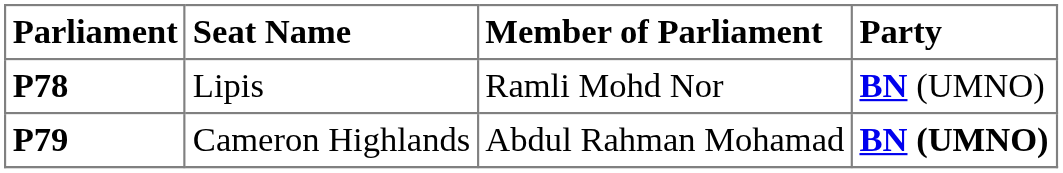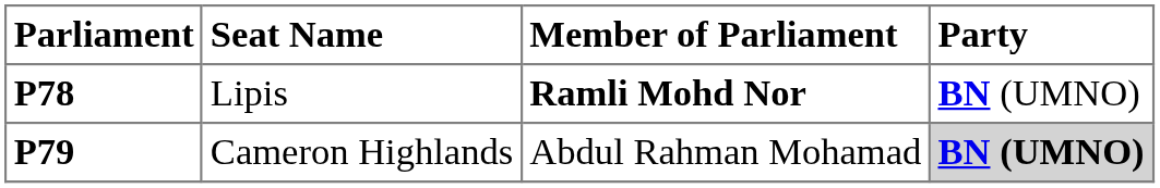 <table class="toccolours sortable" border="1" cellpadding="3" style="border-collapse:collapse; text-align: left;">
 <tr>
 <th align="center">Parliament</th>
 <th>Seat Name</th>
 <th>Member of Parliament</th>
 <th>Party</th>
 </tr>
 <tr>
 <th><strong>P78</strong></th>
 <td>Lipis</td>
-<td>Ramli Mohd Nor</td>
+<td><strong>Ramli Mohd Nor</strong></td>
 <td><a href='#'><strong>BN</strong></a> (UMNO)</td>
 </tr>
 <tr>
 <th align="left">P79</th>
 <td>Cameron Highlands</td>
 <td>Abdul Rahman Mohamad</td>
-<td><strong><a href='#'>BN</a> (UMNO)</strong></td>
+<td style="background: lightgrey;"><strong><a href='#'>BN</a> (UMNO)</strong></td>
 </tr>
 <tr>
 </tr>
 </table>
